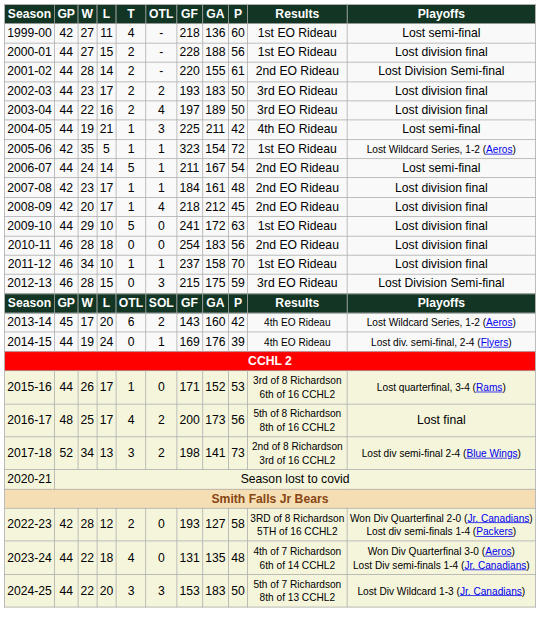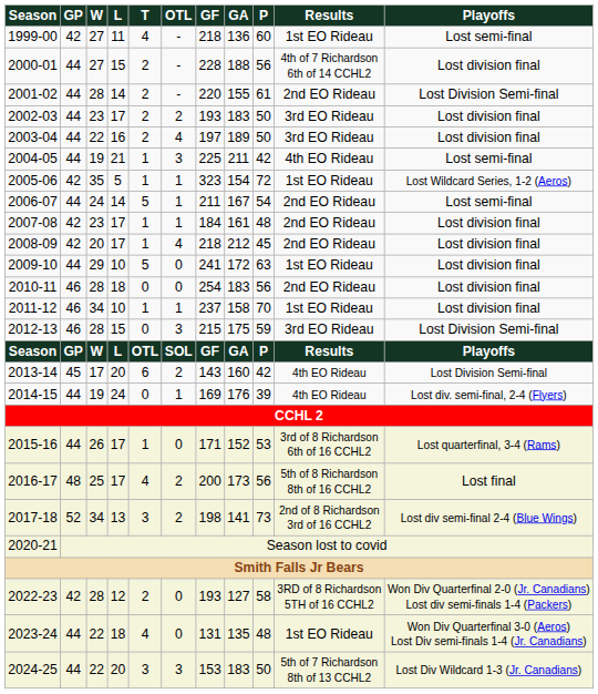 <table class="wikitable">
 <tr align="center" style="color: #FFFFFF " bgcolor="#123524">
 <td><strong>Season</strong></td>
 <td><strong>GP</strong></td>
 <td><strong>W</strong></td>
 <td><strong>L</strong></td>
 <td><strong>T</strong></td>
 <td><strong>OTL</strong></td>
 <td><strong>GF</strong></td>
 <td><strong>GA</strong></td>
 <td><strong>P</strong></td>
 <td><strong>Results</strong></td>
 <td><strong>Playoffs</strong></td>
 </tr>
 <tr align="center">
 <td>1999-00</td>
 <td>42</td>
 <td>27</td>
 <td>11</td>
 <td>4</td>
 <td>-</td>
 <td>218</td>
 <td>136</td>
 <td>60</td>
 <td>1st EO Rideau</td>
 <td>Lost semi-final</td>
 </tr>
 <tr align="center">
 <td>2000-01</td>
 <td>44</td>
 <td>27</td>
 <td>15</td>
 <td>2</td>
 <td>-</td>
 <td>228</td>
 <td>188</td>
 <td>56</td>
-<td>1st EO Rideau</td>
+<td><small>4th of 7 Richardson<br>6th of 14 CCHL2 </small></td>
 <td>Lost division final</td>
 </tr>
 <tr align="center">
 <td>2001-02</td>
 <td>44</td>
 <td>28</td>
 <td>14</td>
 <td>2</td>
 <td>-</td>
 <td>220</td>
 <td>155</td>
 <td>61</td>
 <td>2nd EO Rideau</td>
 <td>Lost Division Semi-final</td>
 </tr>
 <tr align="center">
 <td>2002-03</td>
 <td>44</td>
 <td>23</td>
 <td>17</td>
 <td>2</td>
 <td>2</td>
 <td>193</td>
 <td>183</td>
 <td>50</td>
 <td>3rd EO Rideau</td>
 <td>Lost division final</td>
 </tr>
 <tr align="center">
 <td>2003-04</td>
 <td>44</td>
 <td>22</td>
 <td>16</td>
 <td>2</td>
 <td>4</td>
 <td>197</td>
 <td>189</td>
 <td>50</td>
 <td>3rd EO Rideau</td>
 <td>Lost division final</td>
 </tr>
 <tr align="center">
 <td>2004-05</td>
 <td>44</td>
 <td>19</td>
 <td>21</td>
 <td>1</td>
 <td>3</td>
 <td>225</td>
 <td>211</td>
 <td>42</td>
 <td>4th EO Rideau</td>
 <td>Lost semi-final</td>
 </tr>
 <tr align="center">
 <td>2005-06</td>
 <td>42</td>
 <td>35</td>
 <td>5</td>
 <td>1</td>
 <td>1</td>
 <td>323</td>
 <td>154</td>
 <td>72</td>
 <td>1st EO Rideau</td>
 <td><small>Lost Wildcard Series, 1-2 (<a href='#'>Aeros</a>)</small></td>
 </tr>
 <tr align="center">
 <td>2006-07</td>
 <td>44</td>
 <td>24</td>
 <td>14</td>
 <td>5</td>
 <td>1</td>
 <td>211</td>
 <td>167</td>
 <td>54</td>
 <td>2nd EO Rideau</td>
 <td>Lost semi-final</td>
 </tr>
 <tr align="center">
 <td>2007-08</td>
 <td>42</td>
 <td>23</td>
 <td>17</td>
 <td>1</td>
 <td>1</td>
 <td>184</td>
 <td>161</td>
 <td>48</td>
 <td>2nd EO Rideau</td>
 <td>Lost division final</td>
 </tr>
 <tr align="center">
 <td>2008-09</td>
 <td>42</td>
 <td>20</td>
 <td>17</td>
 <td>1</td>
 <td>4</td>
 <td>218</td>
 <td>212</td>
 <td>45</td>
 <td>2nd EO Rideau</td>
 <td>Lost division final</td>
 </tr>
 <tr align="center">
 <td>2009-10</td>
 <td>44</td>
 <td>29</td>
 <td>10</td>
 <td>5</td>
 <td>0</td>
 <td>241</td>
 <td>172</td>
 <td>63</td>
 <td>1st EO Rideau</td>
 <td>Lost division final</td>
 </tr>
 <tr align="center">
 <td>2010-11</td>
 <td>46</td>
 <td>28</td>
 <td>18</td>
 <td>0</td>
 <td>0</td>
 <td>254</td>
 <td>183</td>
 <td>56</td>
 <td>2nd EO Rideau</td>
 <td>Lost division final</td>
 </tr>
 <tr align="center">
 <td>2011-12</td>
 <td>46</td>
 <td>34</td>
 <td>10</td>
 <td>1</td>
 <td>1</td>
 <td>237</td>
 <td>158</td>
 <td>70</td>
 <td>1st EO Rideau</td>
 <td>Lost division final</td>
 </tr>
 <tr align="center">
 <td>2012-13</td>
 <td>46</td>
 <td>28</td>
 <td>15</td>
 <td>0</td>
 <td>3</td>
 <td>215</td>
 <td>175</td>
 <td>59</td>
 <td>3rd EO Rideau</td>
 <td>Lost Division Semi-final</td>
 </tr>
 <tr align="center" style="color: #FFFFFF " bgcolor="#123524">
 <td><strong>Season</strong></td>
 <td><strong>GP</strong></td>
 <td><strong>W</strong></td>
 <td><strong>L</strong></td>
 <td><strong>OTL</strong></td>
 <td><strong>SOL</strong></td>
 <td><strong>GF</strong></td>
 <td><strong>GA</strong></td>
 <td><strong>P</strong></td>
 <td><strong>Results</strong></td>
 <td><strong>Playoffs</strong></td>
 </tr>
 <tr align="center">
 <td>2013-14</td>
 <td>45</td>
 <td>17</td>
 <td>20</td>
 <td>6</td>
 <td>2</td>
 <td>143</td>
 <td>160</td>
 <td>42</td>
 <td><small>4th EO Rideau </small></td>
-<td><small>Lost Wildcard Series, 1-2 (<a href='#'>Aeros</a>)</small></td>
+<td><small>Lost Division Semi-final</small></td>
 </tr>
 <tr align="center">
 <td>2014-15</td>
 <td>44</td>
 <td>19</td>
 <td>24</td>
 <td>0</td>
 <td>1</td>
 <td>169</td>
 <td>176</td>
 <td>39</td>
 <td><small>4th EO Rideau </small></td>
 <td><small>Lost div. semi-final, 2-4 (<a href='#'>Flyers</a>)</small></td>
 </tr>
 <tr align="center" bgcolor=red style="color: white">
 <td colspan="12"><strong>CCHL 2</strong></td>
 </tr>
 <tr align="center" bgcolor="beige">
 <td>2015-16</td>
 <td>44</td>
 <td>26</td>
 <td>17</td>
 <td>1</td>
 <td>0</td>
 <td>171</td>
 <td>152</td>
 <td>53</td>
 <td><small>3rd of 8 Richardson<br>6th of 16 CCHL2 </small></td>
 <td><small>Lost quarterfinal, 3-4 (<a href='#'>Rams</a>)</small></td>
 </tr>
 <tr align="center" bgcolor="beige">
 <td>2016-17</td>
 <td>48</td>
 <td>25</td>
 <td>17</td>
 <td>4</td>
 <td>2</td>
 <td>200</td>
 <td>173</td>
 <td>56</td>
 <td><small>5th of 8 Richardson<br>8th of 16 CCHL2 </small></td>
 <td>Lost final</td>
 </tr>
 <tr align="center" bgcolor="beige">
 <td>2017-18</td>
 <td>52</td>
 <td>34</td>
 <td>13</td>
 <td>3</td>
 <td>2</td>
 <td>198</td>
 <td>141</td>
 <td>73</td>
 <td><small>2nd of 8 Richardson<br>3rd of 16 CCHL2 </small></td>
 <td><small>Lost div semi-final 2-4 (<a href='#'>Blue Wings</a>)</small></td>
 </tr>
 <tr align="center" bgcolor=beige>
 <td>2020-21</td>
 <td colspan="10">Season lost to covid</td>
 </tr>
 <tr align="center" bgcolor=#F5DEB3 style="color: #884513">
 <td colspan="12"><strong>Smith Falls Jr Bears</strong></td>
 </tr>
 <tr align="center" bgcolor="beige">
 <td>2022-23</td>
 <td>42</td>
 <td>28</td>
 <td>12</td>
 <td>2</td>
 <td>0</td>
 <td>193</td>
 <td>127</td>
 <td>58</td>
 <td><small>3RD of 8 Richardson<br>5TH of 16 CCHL2 </small></td>
 <td><small>Won Div Quarterfinal 2-0 (<a href='#'>Jr. Canadians</a>)<br>Lost div semi-finals 1-4 (<a href='#'>Packers</a>)</small></td>
 </tr>
 <tr align="center" bgcolor="beige">
 <td>2023-24</td>
 <td>44</td>
 <td>22</td>
 <td>18</td>
 <td>4</td>
 <td>0</td>
 <td>131</td>
 <td>135</td>
 <td>48</td>
-<td><small>4th of 7 Richardson<br>6th of 14 CCHL2 </small></td>
+<td>1st EO Rideau</td>
 <td><small>Won Div Quarterfinal 3-0 (<a href='#'>Aeros</a>)<br>Lost Div semi-finals 1-4 (<a href='#'>Jr. Canadians</a>)</small></td>
 </tr>
 <tr align="center" bgcolor="beige">
 <td>2024-25</td>
 <td>44</td>
 <td>22</td>
 <td>20</td>
 <td>3</td>
 <td>3</td>
 <td>153</td>
 <td>183</td>
 <td>50</td>
 <td><small>5th of 7 Richardson<br>8th of 13 CCHL2 </small></td>
 <td><small>Lost Div Wildcard 1-3 (<a href='#'>Jr. Canadians</a>)</small></td>
 </tr>
 </table>
